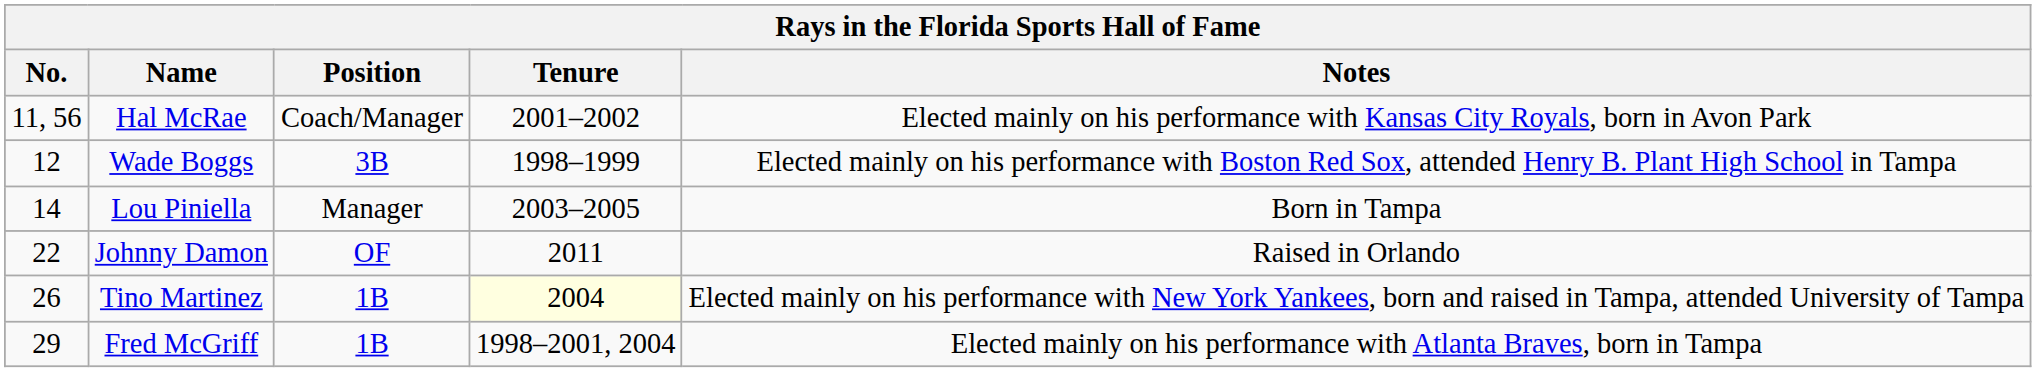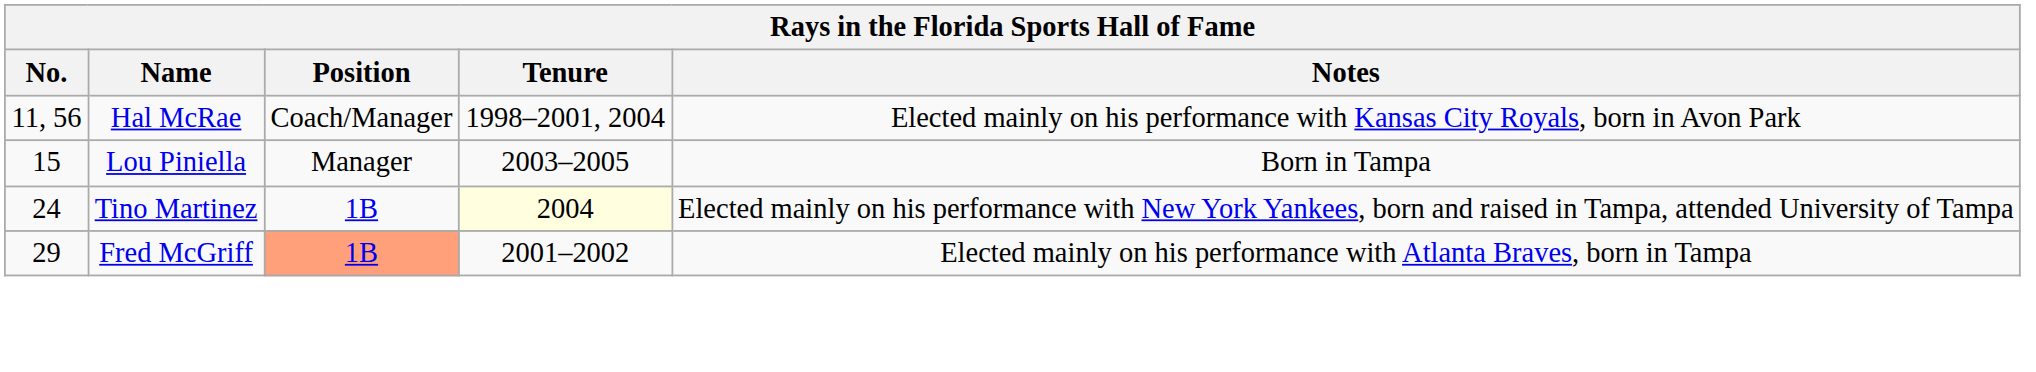 <table class="wikitable" style="text-align:center">
 <tr>
 <th colspan="5"><strong>Rays in the Florida Sports Hall of Fame</strong></th>
 </tr>
 <tr>
 <th>No.</th>
 <th>Name</th>
 <th>Position</th>
 <th>Tenure</th>
 <th>Notes</th>
 </tr>
 <tr>
 <td>11, 56</td>
 <td><a href='#'>Hal McRae</a></td>
 <td>Coach/Manager</td>
-<td>2001–2002</td>
+<td>1998–2001, 2004</td>
 <td>Elected  mainly on his performance with <a href='#'>Kansas City Royals</a>, born in Avon Park</td>
 </tr>
 <tr>
-<td>12</td>
-<td><a href='#'>Wade Boggs</a></td>
-<td><a href='#'>3B</a></td>
-<td>1998–1999</td>
-<td>Elected mainly on his performance with <a href='#'>Boston Red Sox</a>, attended <a href='#'>Henry B. Plant High School</a> in Tampa</td>
-</tr>
-<tr>
-<td>14</td>
+<td>15</td>
 <td><a href='#'>Lou Piniella</a></td>
 <td>Manager</td>
 <td>2003–2005</td>
 <td>Born in Tampa</td>
 </tr>
 <tr>
-<td>22</td>
-<td><a href='#'>Johnny Damon</a></td>
-<td><a href='#'>OF</a></td>
-<td>2011</td>
-<td>Raised in Orlando</td>
-</tr>
-<tr>
-<td>26</td>
+<td>24</td>
 <td><a href='#'>Tino Martinez</a></td>
 <td><a href='#'>1B</a></td>
 <td style="background: lightyellow;">2004</td>
 <td>Elected mainly on his performance with <a href='#'>New York Yankees</a>, born and raised in Tampa, attended University of Tampa</td>
 </tr>
 <tr>
 <td>29</td>
 <td><a href='#'>Fred McGriff</a></td>
-<td><a href='#'>1B</a></td>
-<td>1998–2001, 2004</td>
+<td style="background: lightsalmon;"><a href='#'>1B</a></td>
+<td>2001–2002</td>
 <td>Elected mainly on his performance with <a href='#'>Atlanta Braves</a>, born in Tampa</td>
 </tr>
 </table>
